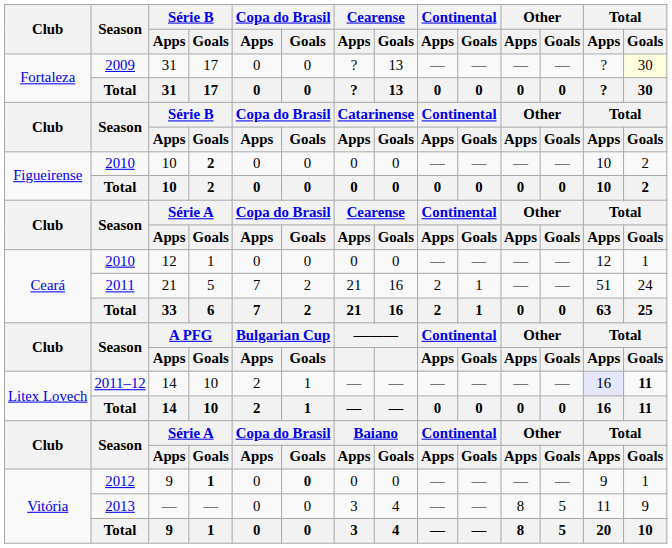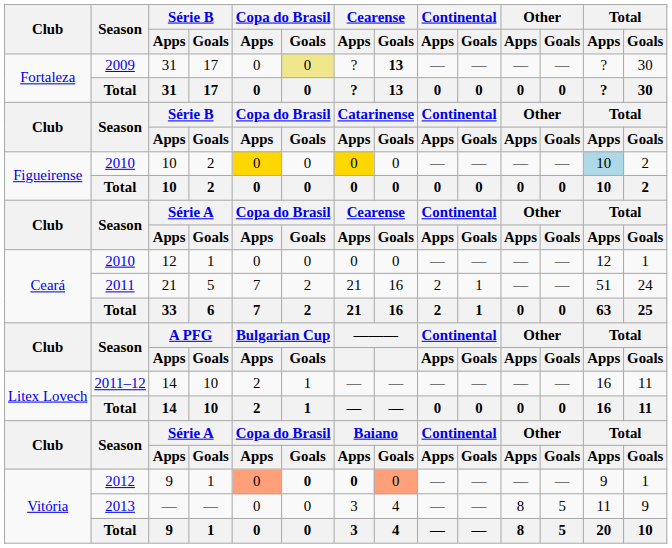 <table class="wikitable" style="font-size:90%; text-align: center">
 <tr>
 <th rowspan=2>Club</th>
 <th rowspan=2>Season</th>
 <th colspan=2><a href='#'>Série B</a></th>
 <th colspan=2><a href='#'>Copa do Brasil</a></th>
 <th colspan=2><a href='#'>Cearense</a></th>
 <th colspan=2><a href='#'>Continental</a></th>
 <th colspan=2>Other</th>
 <th colspan=2>Total</th>
 </tr>
 <tr>
 <th>Apps</th>
 <th>Goals</th>
 <th>Apps</th>
 <th>Goals</th>
 <th>Apps</th>
 <th>Goals</th>
 <th>Apps</th>
 <th>Goals</th>
 <th>Apps</th>
 <th>Goals</th>
 <th>Apps</th>
 <th>Goals</th>
 </tr>
 <tr>
 <td rowspan=2><a href='#'>Fortaleza</a></td>
 <td><a href='#'>2009</a></td>
 <td>31</td>
 <td>17</td>
 <td>0</td>
-<td>0</td>
+<td style="background: khaki;">0</td>
 <td>?</td>
-<td>13</td>
+<td><strong>13</strong></td>
 <td>—</td>
 <td>—</td>
 <td>—</td>
 <td>—</td>
 <td>?</td>
-<td style="background: lightyellow;">30</td>
+<td>30</td>
 </tr>
 <tr>
 <th>Total</th>
 <th>31</th>
 <th>17</th>
 <th>0</th>
 <th>0</th>
 <th>?</th>
 <th>13</th>
 <th>0</th>
 <th>0</th>
 <th>0</th>
 <th>0</th>
 <th>?</th>
 <th>30</th>
 </tr>
 <tr>
 <th rowspan=2>Club</th>
 <th rowspan=2>Season</th>
 <th colspan=2><a href='#'>Série B</a></th>
 <th colspan=2><a href='#'>Copa do Brasil</a></th>
 <th colspan=2><a href='#'>Catarinense</a></th>
 <th colspan=2><a href='#'>Continental</a></th>
 <th colspan=2>Other</th>
 <th colspan=2>Total</th>
 </tr>
 <tr>
 <th>Apps</th>
 <th>Goals</th>
 <th>Apps</th>
 <th>Goals</th>
 <th>Apps</th>
 <th>Goals</th>
 <th>Apps</th>
 <th>Goals</th>
 <th>Apps</th>
 <th>Goals</th>
 <th>Apps</th>
 <th>Goals</th>
 </tr>
 <tr>
 <td rowspan=2><a href='#'>Figueirense</a></td>
 <td><a href='#'>2010</a></td>
 <td>10</td>
-<td><strong>2</strong></td>
+<td>2</td>
+<td style="background: gold;">0</td>
 <td>0</td>
-<td>0</td>
-<td>0</td>
+<td style="background: gold;">0</td>
 <td>0</td>
 <td>—</td>
 <td>—</td>
 <td>—</td>
 <td>—</td>
-<td>10</td>
+<td style="background: lightblue;">10</td>
 <td>2</td>
 </tr>
 <tr>
 <th>Total</th>
 <th>10</th>
 <th>2</th>
 <th>0</th>
 <th>0</th>
 <th>0</th>
 <th>0</th>
 <th>0</th>
 <th>0</th>
 <th>0</th>
 <th>0</th>
 <th>10</th>
 <th>2</th>
 </tr>
 <tr>
 <th rowspan=2>Club</th>
 <th rowspan=2>Season</th>
 <th colspan=2><a href='#'>Série A</a></th>
 <th colspan=2><a href='#'>Copa do Brasil</a></th>
 <th colspan=2><a href='#'>Cearense</a></th>
 <th colspan=2><a href='#'>Continental</a></th>
 <th colspan=2>Other</th>
 <th colspan=2>Total</th>
 </tr>
 <tr>
 <th>Apps</th>
 <th>Goals</th>
 <th>Apps</th>
 <th>Goals</th>
 <th>Apps</th>
 <th>Goals</th>
 <th>Apps</th>
 <th>Goals</th>
 <th>Apps</th>
 <th>Goals</th>
 <th>Apps</th>
 <th>Goals</th>
 </tr>
 <tr>
 <td rowspan=3><a href='#'>Ceará</a></td>
 <td><a href='#'>2010</a></td>
 <td>12</td>
 <td>1</td>
 <td>0</td>
 <td>0</td>
 <td>0</td>
 <td>0</td>
 <td>—</td>
 <td>—</td>
 <td>—</td>
 <td>—</td>
 <td>12</td>
 <td>1</td>
 </tr>
 <tr>
 <td><a href='#'>2011</a></td>
 <td>21</td>
 <td>5</td>
 <td>7</td>
 <td>2</td>
 <td>21</td>
 <td>16</td>
 <td>2</td>
 <td>1</td>
 <td>—</td>
 <td>—</td>
 <td>51</td>
 <td>24</td>
 </tr>
 <tr>
 <th>Total</th>
 <th>33</th>
 <th>6</th>
 <th>7</th>
 <th>2</th>
 <th>21</th>
 <th>16</th>
 <th>2</th>
 <th>1</th>
 <th>0</th>
 <th>0</th>
 <th>63</th>
 <th>25</th>
 </tr>
 <tr>
 <th rowspan=2>Club</th>
 <th rowspan=2>Season</th>
 <th colspan=2><a href='#'>A PFG</a></th>
 <th colspan=2><a href='#'>Bulgarian Cup</a></th>
 <th colspan=2>———</th>
 <th colspan=2><a href='#'>Continental</a></th>
 <th colspan=2>Other</th>
 <th colspan=2>Total</th>
 </tr>
 <tr>
 <th>Apps</th>
 <th>Goals</th>
 <th>Apps</th>
 <th>Goals</th>
 <th></th>
 <th></th>
 <th>Apps</th>
 <th>Goals</th>
 <th>Apps</th>
 <th>Goals</th>
 <th>Apps</th>
 <th>Goals</th>
 </tr>
 <tr>
 <td rowspan=2><a href='#'>Litex Lovech</a></td>
 <td><a href='#'>2011–12</a></td>
 <td>14</td>
 <td>10</td>
 <td>2</td>
 <td>1</td>
 <td>—</td>
 <td>—</td>
 <td>—</td>
 <td>—</td>
 <td>—</td>
 <td>—</td>
-<td style="background: lavender;">16</td>
-<td><strong>11</strong></td>
+<td>16</td>
+<td>11</td>
 </tr>
 <tr>
 <th>Total</th>
 <th>14</th>
 <th>10</th>
 <th>2</th>
 <th>1</th>
 <th>—</th>
 <th>—</th>
 <th>0</th>
 <th>0</th>
 <th>0</th>
 <th>0</th>
 <th>16</th>
 <th>11</th>
 </tr>
 <tr>
 <th rowspan=2>Club</th>
 <th rowspan=2>Season</th>
 <th colspan=2><a href='#'>Série A</a></th>
 <th colspan=2><a href='#'>Copa do Brasil</a></th>
 <th colspan=2><a href='#'>Baiano</a></th>
 <th colspan=2><a href='#'>Continental</a></th>
 <th colspan=2>Other</th>
 <th colspan=2>Total</th>
 </tr>
 <tr>
 <th>Apps</th>
 <th>Goals</th>
 <th>Apps</th>
 <th>Goals</th>
 <th>Apps</th>
 <th>Goals</th>
 <th>Apps</th>
 <th>Goals</th>
 <th>Apps</th>
 <th>Goals</th>
 <th>Apps</th>
 <th>Goals</th>
 </tr>
 <tr>
 <td rowspan=3><a href='#'>Vitória</a></td>
 <td><a href='#'>2012</a></td>
 <td>9</td>
-<td><strong>1</strong></td>
-<td>0</td>
+<td>1</td>
+<td style="background: lightsalmon;">0</td>
 <td><strong>0</strong></td>
-<td>0</td>
-<td>0</td>
+<td><strong>0</strong></td>
+<td style="background: lightsalmon;">0</td>
 <td>—</td>
 <td>—</td>
 <td>—</td>
 <td>—</td>
 <td>9</td>
 <td>1</td>
 </tr>
 <tr>
 <td><a href='#'>2013</a></td>
 <td>—</td>
 <td>—</td>
 <td>0</td>
 <td>0</td>
 <td>3</td>
 <td>4</td>
 <td>—</td>
 <td>—</td>
 <td>8</td>
 <td>5</td>
 <td>11</td>
 <td>9</td>
 </tr>
 <tr>
 <th>Total</th>
 <th>9</th>
 <th>1</th>
 <th>0</th>
 <th>0</th>
 <th>3</th>
 <th>4</th>
 <th>—</th>
 <th>—</th>
 <th>8</th>
 <th>5</th>
 <th>20</th>
 <th>10</th>
 </tr>
 </table>
